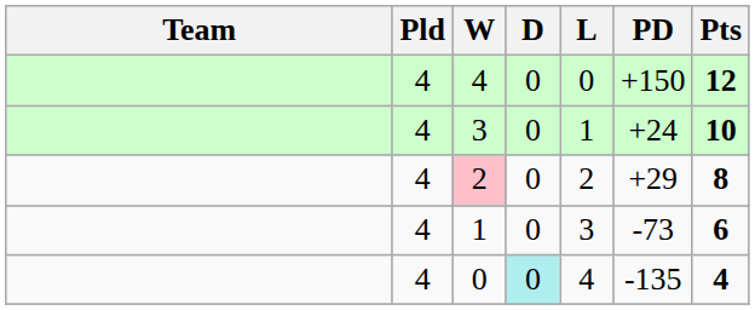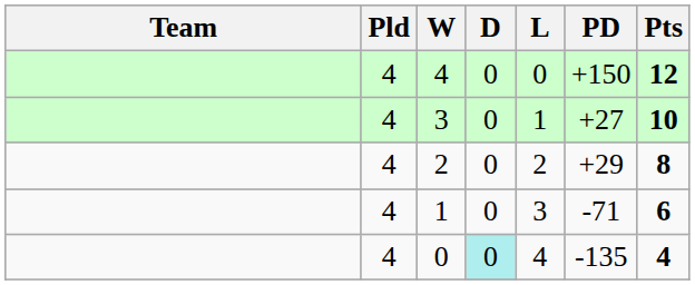 <table class="wikitable" style="text-align:center;">
 <tr>
 <th width="190">Team</th>
 <th width="20" abbr="Played">Pld</th>
 <th width="20" abbr="Won">W</th>
 <th width="20" abbr="Drawn">D</th>
 <th width="20" abbr="Lost">L</th>
 <th width="25" abbr="Points difference">PD</th>
 <th width="20" abbr="Points">Pts</th>
 </tr>
 <tr style="background:#ccffcc">
 <td align="left"></td>
 <td>4</td>
 <td>4</td>
 <td>0</td>
 <td>0</td>
 <td>+150</td>
 <td><strong>12</strong></td>
 </tr>
 <tr style="background:#ccffcc">
 <td align="left"></td>
 <td>4</td>
 <td>3</td>
 <td>0</td>
 <td>1</td>
-<td>+24</td>
+<td>+27</td>
 <td><strong>10</strong></td>
 </tr>
 <tr>
 <td align="left"></td>
 <td>4</td>
-<td style="background: pink;">2</td>
+<td>2</td>
 <td>0</td>
 <td>2</td>
 <td>+29</td>
 <td><strong>8</strong></td>
 </tr>
 <tr>
 <td align="left"></td>
 <td>4</td>
 <td>1</td>
 <td>0</td>
 <td>3</td>
-<td>-73</td>
+<td>-71</td>
 <td><strong>6</strong></td>
 </tr>
 <tr>
 <td align="left"></td>
 <td>4</td>
 <td>0</td>
 <td style="background: paleturquoise;">0</td>
 <td>4</td>
 <td>-135</td>
 <td><strong>4</strong></td>
 </tr>
 </table>
